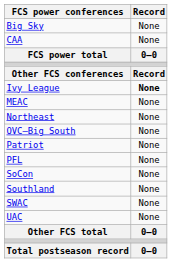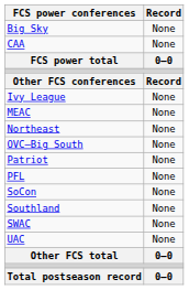 <table class="wikitable">
 <tr>
 <th>FCS power conferences</th>
 <th>Record</th>
 </tr>
 <tr>
 <td><a href='#'>Big Sky</a></td>
 <td align=center>None</td>
 </tr>
 <tr>
 <td><a href='#'>CAA</a></td>
 <td align=center>None</td>
 </tr>
 <tr>
 <th>FCS power total</th>
 <th>0–0</th>
 </tr>
 <tr>
 <th colspan="2" style="background:lightgrey;"></th>
 </tr>
 <tr>
 <th>Other FCS conferences</th>
 <th>Record</th>
 </tr>
 <tr>
 <td><a href='#'>Ivy League</a></td>
-<td align=center><strong>None</strong></td>
+<td align=center>None</td>
 </tr>
 <tr>
 <td><a href='#'>MEAC</a></td>
 <td align=center>None</td>
 </tr>
 <tr>
 <td><a href='#'>Northeast</a></td>
 <td align=center>None</td>
 </tr>
 <tr>
 <td><a href='#'>OVC–Big South</a></td>
 <td align=center>None</td>
 </tr>
 <tr>
 <td><a href='#'>Patriot</a></td>
 <td align=center>None</td>
 </tr>
 <tr>
 <td><a href='#'>PFL</a></td>
 <td align=center>None</td>
 </tr>
 <tr>
 <td><a href='#'>SoCon</a></td>
 <td align=center>None</td>
 </tr>
 <tr>
 <td><a href='#'>Southland</a></td>
 <td align=center>None</td>
 </tr>
 <tr>
 <td><a href='#'>SWAC</a></td>
 <td align=center>None</td>
 </tr>
 <tr>
 <td><a href='#'>UAC</a></td>
 <td align=center>None</td>
 </tr>
 <tr>
 <th>Other FCS total</th>
 <th>0–0</th>
 </tr>
 <tr>
 <th colspan="2" style="background:lightgrey;"></th>
 </tr>
 <tr>
 <th>Total postseason record</th>
 <th>0–0</th>
 </tr>
 </table>
